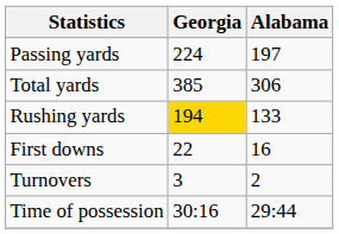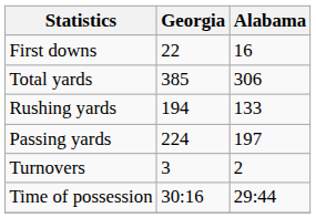 <table class="wikitable" style="float: left;">
 <tr>
 <th>Statistics</th>
 <th>Georgia</th>
 <th>Alabama</th>
 </tr>
 <tr>
-<td>Passing yards</td>
-<td>224</td>
-<td>197</td>
+<td>First downs</td>
+<td>22</td>
+<td>16</td>
 </tr>
 <tr>
 <td>Total yards</td>
 <td>385</td>
 <td>306</td>
 </tr>
 <tr>
 <td>Rushing yards</td>
-<td style="background: gold;">194</td>
+<td>194</td>
 <td>133</td>
 </tr>
 <tr>
-<td>First downs</td>
-<td>22</td>
-<td>16</td>
+<td>Passing yards</td>
+<td>224</td>
+<td>197</td>
 </tr>
 <tr>
 <td>Turnovers</td>
 <td>3</td>
 <td>2</td>
 </tr>
 <tr>
 <td>Time of possession</td>
 <td>30:16</td>
 <td>29:44</td>
 </tr>
 <tr>
 </tr>
 </table>
